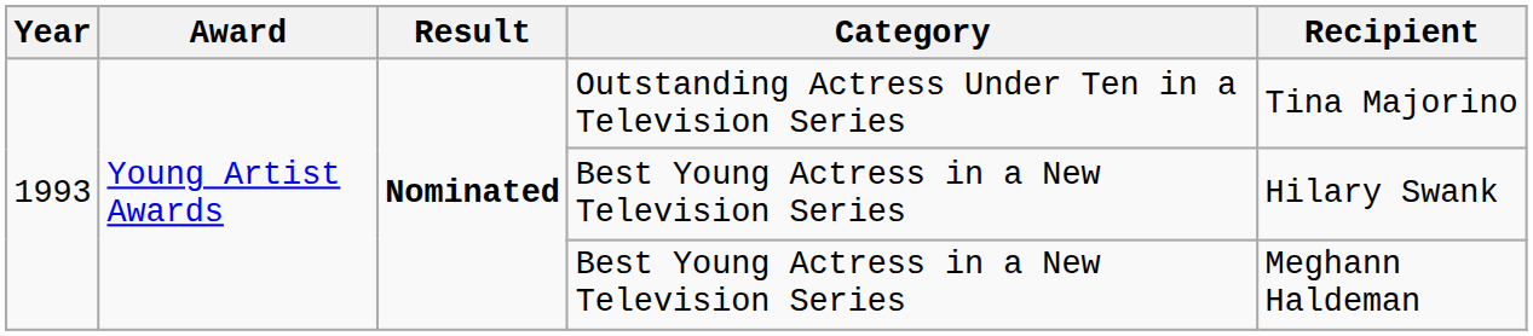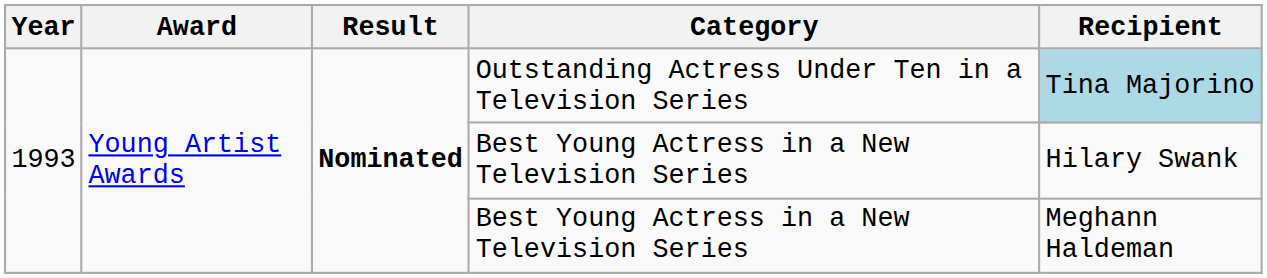 <table class="wikitable">
 <tr>
 <th>Year</th>
 <th>Award</th>
 <th>Result</th>
 <th>Category</th>
 <th>Recipient</th>
 </tr>
 <tr>
 <td rowspan=3>1993</td>
 <td rowspan=3><a href='#'>Young Artist Awards</a></td>
 <td rowspan=3><strong>Nominated</strong></td>
 <td>Outstanding Actress Under Ten in a Television Series</td>
-<td>Tina Majorino</td>
+<td style="background: lightblue;">Tina Majorino</td>
 </tr>
 <tr>
 <td>Best Young Actress in a New Television Series</td>
 <td>Hilary Swank</td>
 </tr>
 <tr>
 <td>Best Young Actress in a New Television Series</td>
 <td>Meghann Haldeman</td>
 </tr>
 </table>
